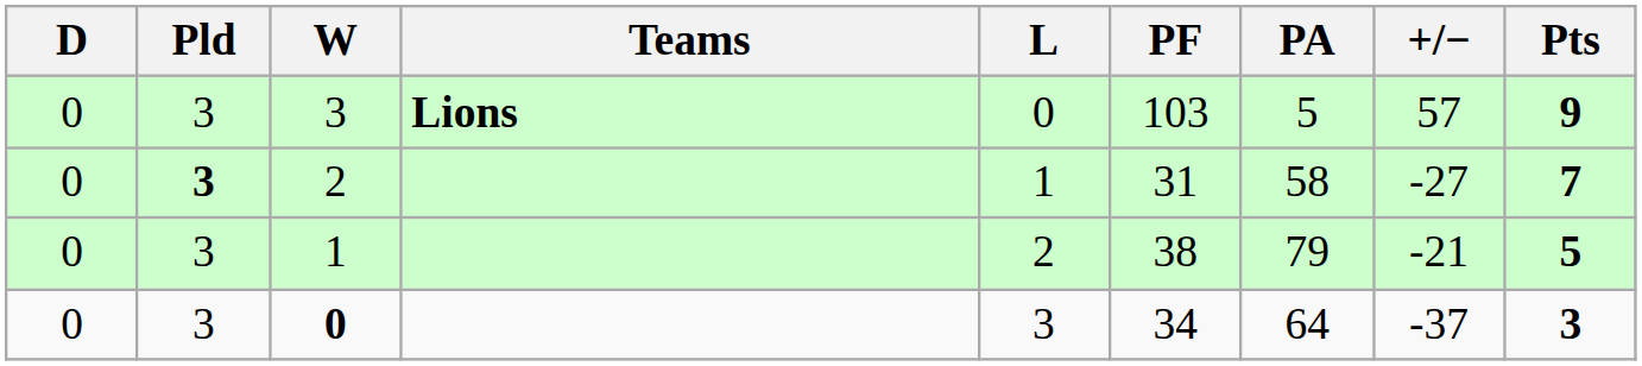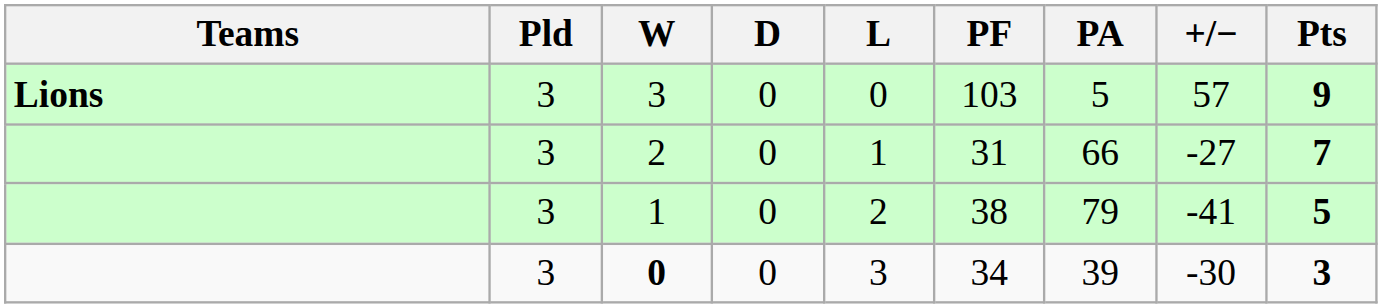 <table class="wikitable" style="text-align: center;">
 <tr>
-<th width="40">D</th>
+<th style="width:200px;">Teams</th>
 <th width="40">Pld</th>
 <th width="40">W</th>
-<th style="width:200px;">Teams</th>
+<th width="40">D</th>
 <th width="40">L</th>
 <th width="40">PF</th>
 <th width="40">PA</th>
 <th width="40">+/−</th>
 <th width="40">Pts</th>
 </tr>
 <tr bgcolor=ccffcc>
-<td>0</td>
+<td align=left><strong> Lions</strong></td>
 <td>3</td>
 <td>3</td>
-<td align=left><strong> Lions</strong></td>
+<td>0</td>
 <td>0</td>
 <td>103</td>
 <td>5</td>
 <td>57</td>
 <td><strong>9</strong></td>
 </tr>
 <tr bgcolor=ccffcc>
+<td align="left"><strong></strong></td>
+<td>3</td>
+<td>2</td>
 <td>0</td>
-<td><strong>3</strong></td>
-<td>2</td>
-<td align="left"><strong></strong></td>
 <td>1</td>
 <td>31</td>
-<td>58</td>
+<td>66</td>
 <td>-27</td>
 <td><strong>7</strong></td>
 </tr>
 <tr bgcolor=ccffcc>
-<td>0</td>
+<td align="left"><strong></strong></td>
 <td>3</td>
 <td>1</td>
-<td align="left"><strong></strong></td>
+<td>0</td>
 <td>2</td>
 <td>38</td>
 <td>79</td>
-<td>-21</td>
+<td>-41</td>
 <td><strong>5</strong></td>
 </tr>
 <tr>
+<td align=left></td>
+<td>3</td>
+<td><strong>0</strong></td>
 <td>0</td>
 <td>3</td>
-<td><strong>0</strong></td>
-<td align=left></td>
-<td>3</td>
 <td>34</td>
-<td>64</td>
-<td>-37</td>
+<td>39</td>
+<td>-30</td>
 <td><strong>3</strong></td>
 </tr>
 </table>
